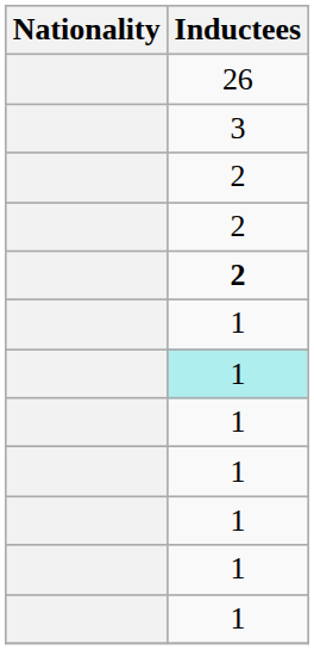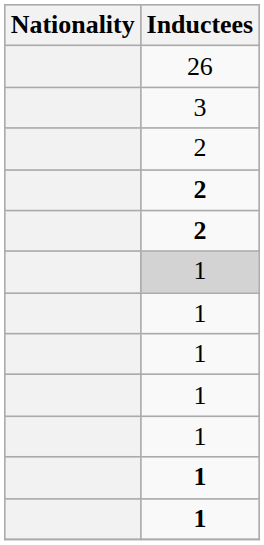 <table class="sortable wikitable plainrowheaders" style="text-align:center">
 <tr>
 <th scope=col>Nationality</th>
 <th scope=col data-sort-type=number>Inductees</th>
 </tr>
 <tr>
 <th scope=row></th>
 <td>26</td>
 </tr>
 <tr>
 <th scope=row></th>
 <td>3</td>
 </tr>
 <tr>
 <th scope=row></th>
 <td>2</td>
 </tr>
 <tr>
 <th scope=row></th>
-<td>2</td>
+<td><strong>2</strong></td>
 </tr>
 <tr>
 <th scope=row></th>
 <td><strong>2</strong></td>
 </tr>
 <tr>
 <th scope=row></th>
-<td>1</td>
-</tr>
-<tr>
-<th scope=row></th>
-<td style="background: paleturquoise;">1</td>
+<td style="background: lightgrey;">1</td>
 </tr>
 <tr>
 <th scope=row></th>
 <td>1</td>
 </tr>
 <tr>
 <th scope=row></th>
 <td>1</td>
 </tr>
 <tr>
 <th scope=row></th>
 <td>1</td>
 </tr>
 <tr>
 <th scope=row></th>
 <td>1</td>
 </tr>
 <tr>
 <th scope=row></th>
-<td>1</td>
+<td><strong>1</strong></td>
+</tr>
+<tr>
+<th scope=row></th>
+<td><strong>1</strong></td>
 </tr>
 <tr>
 </tr>
 </table>
